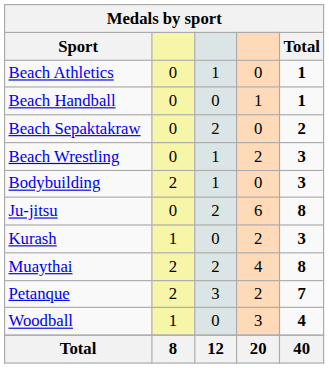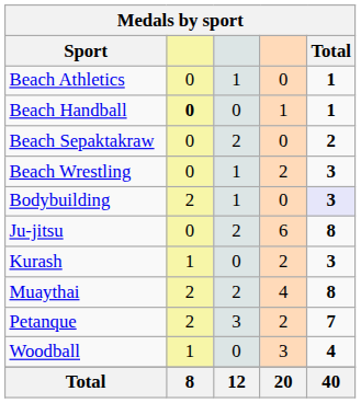 <table class="wikitable" style="font-size:90%; text-align:center;">
 <tr>
 <th colspan=5>Medals by sport</th>
 </tr>
 <tr>
 <th width=120>Sport</th>
 <th scope="col" width=30 style="background:#F7F6A8;"></th>
 <th scope="col" width=30 style="background:#DCE5E5;"></th>
 <th scope="col" width=30 style="background:#FFDAB9;"></th>
 <th width=30>Total</th>
 </tr>
 <tr>
 <td align=left><a href='#'>Beach Athletics</a></td>
 <td style="background:#F7F6A8;">0</td>
 <td style="background:#DCE5E5;">1</td>
 <td style="background:#FFDAB9;">0</td>
 <td><strong>1</strong></td>
 </tr>
 <tr>
 <td align=left><a href='#'>Beach Handball</a></td>
-<td style="background:#F7F6A8;">0</td>
+<td style="background:#F7F6A8;"><strong>0</strong></td>
 <td style="background:#DCE5E5;">0</td>
 <td style="background:#FFDAB9;">1</td>
 <td><strong>1</strong></td>
 </tr>
 <tr>
 <td align=left><a href='#'>Beach Sepaktakraw</a></td>
 <td style="background:#F7F6A8;">0</td>
 <td style="background:#DCE5E5;">2</td>
 <td style="background:#FFDAB9;">0</td>
 <td><strong>2</strong></td>
 </tr>
 <tr>
 <td align=left><a href='#'>Beach Wrestling</a></td>
 <td style="background:#F7F6A8;">0</td>
 <td style="background:#DCE5E5;">1</td>
 <td style="background:#FFDAB9;">2</td>
 <td><strong>3</strong></td>
 </tr>
 <tr>
 <td align=left><a href='#'>Bodybuilding</a></td>
 <td style="background:#F7F6A8;">2</td>
 <td style="background:#DCE5E5;">1</td>
 <td style="background:#FFDAB9;">0</td>
-<td><strong>3</strong></td>
+<td style="background: lavender;"><strong>3</strong></td>
 </tr>
 <tr>
 <td align=left><a href='#'>Ju-jitsu</a></td>
 <td style="background:#F7F6A8;">0</td>
 <td style="background:#DCE5E5;">2</td>
 <td style="background:#FFDAB9;">6</td>
 <td><strong>8</strong></td>
 </tr>
 <tr>
 <td align=left><a href='#'>Kurash</a></td>
 <td style="background:#F7F6A8;">1</td>
 <td style="background:#DCE5E5;">0</td>
 <td style="background:#FFDAB9;">2</td>
 <td><strong>3</strong></td>
 </tr>
 <tr>
 <td align=left><a href='#'>Muaythai</a></td>
 <td style="background:#F7F6A8;">2</td>
 <td style="background:#DCE5E5;">2</td>
 <td style="background:#FFDAB9;">4</td>
 <td><strong>8</strong></td>
 </tr>
 <tr>
 <td align=left><a href='#'>Petanque</a></td>
 <td style="background:#F7F6A8;">2</td>
 <td style="background:#DCE5E5;">3</td>
 <td style="background:#FFDAB9;">2</td>
 <td><strong>7</strong></td>
 </tr>
 <tr>
 <td align=left><a href='#'>Woodball</a></td>
 <td style="background:#F7F6A8;">1</td>
 <td style="background:#DCE5E5;">0</td>
 <td style="background:#FFDAB9;">3</td>
 <td><strong>4</strong></td>
 </tr>
 <tr>
 </tr>
 <tr class="sortbottom">
 <th>Total</th>
 <th>8</th>
 <th>12</th>
 <th>20</th>
 <th>40</th>
 </tr>
 </table>
